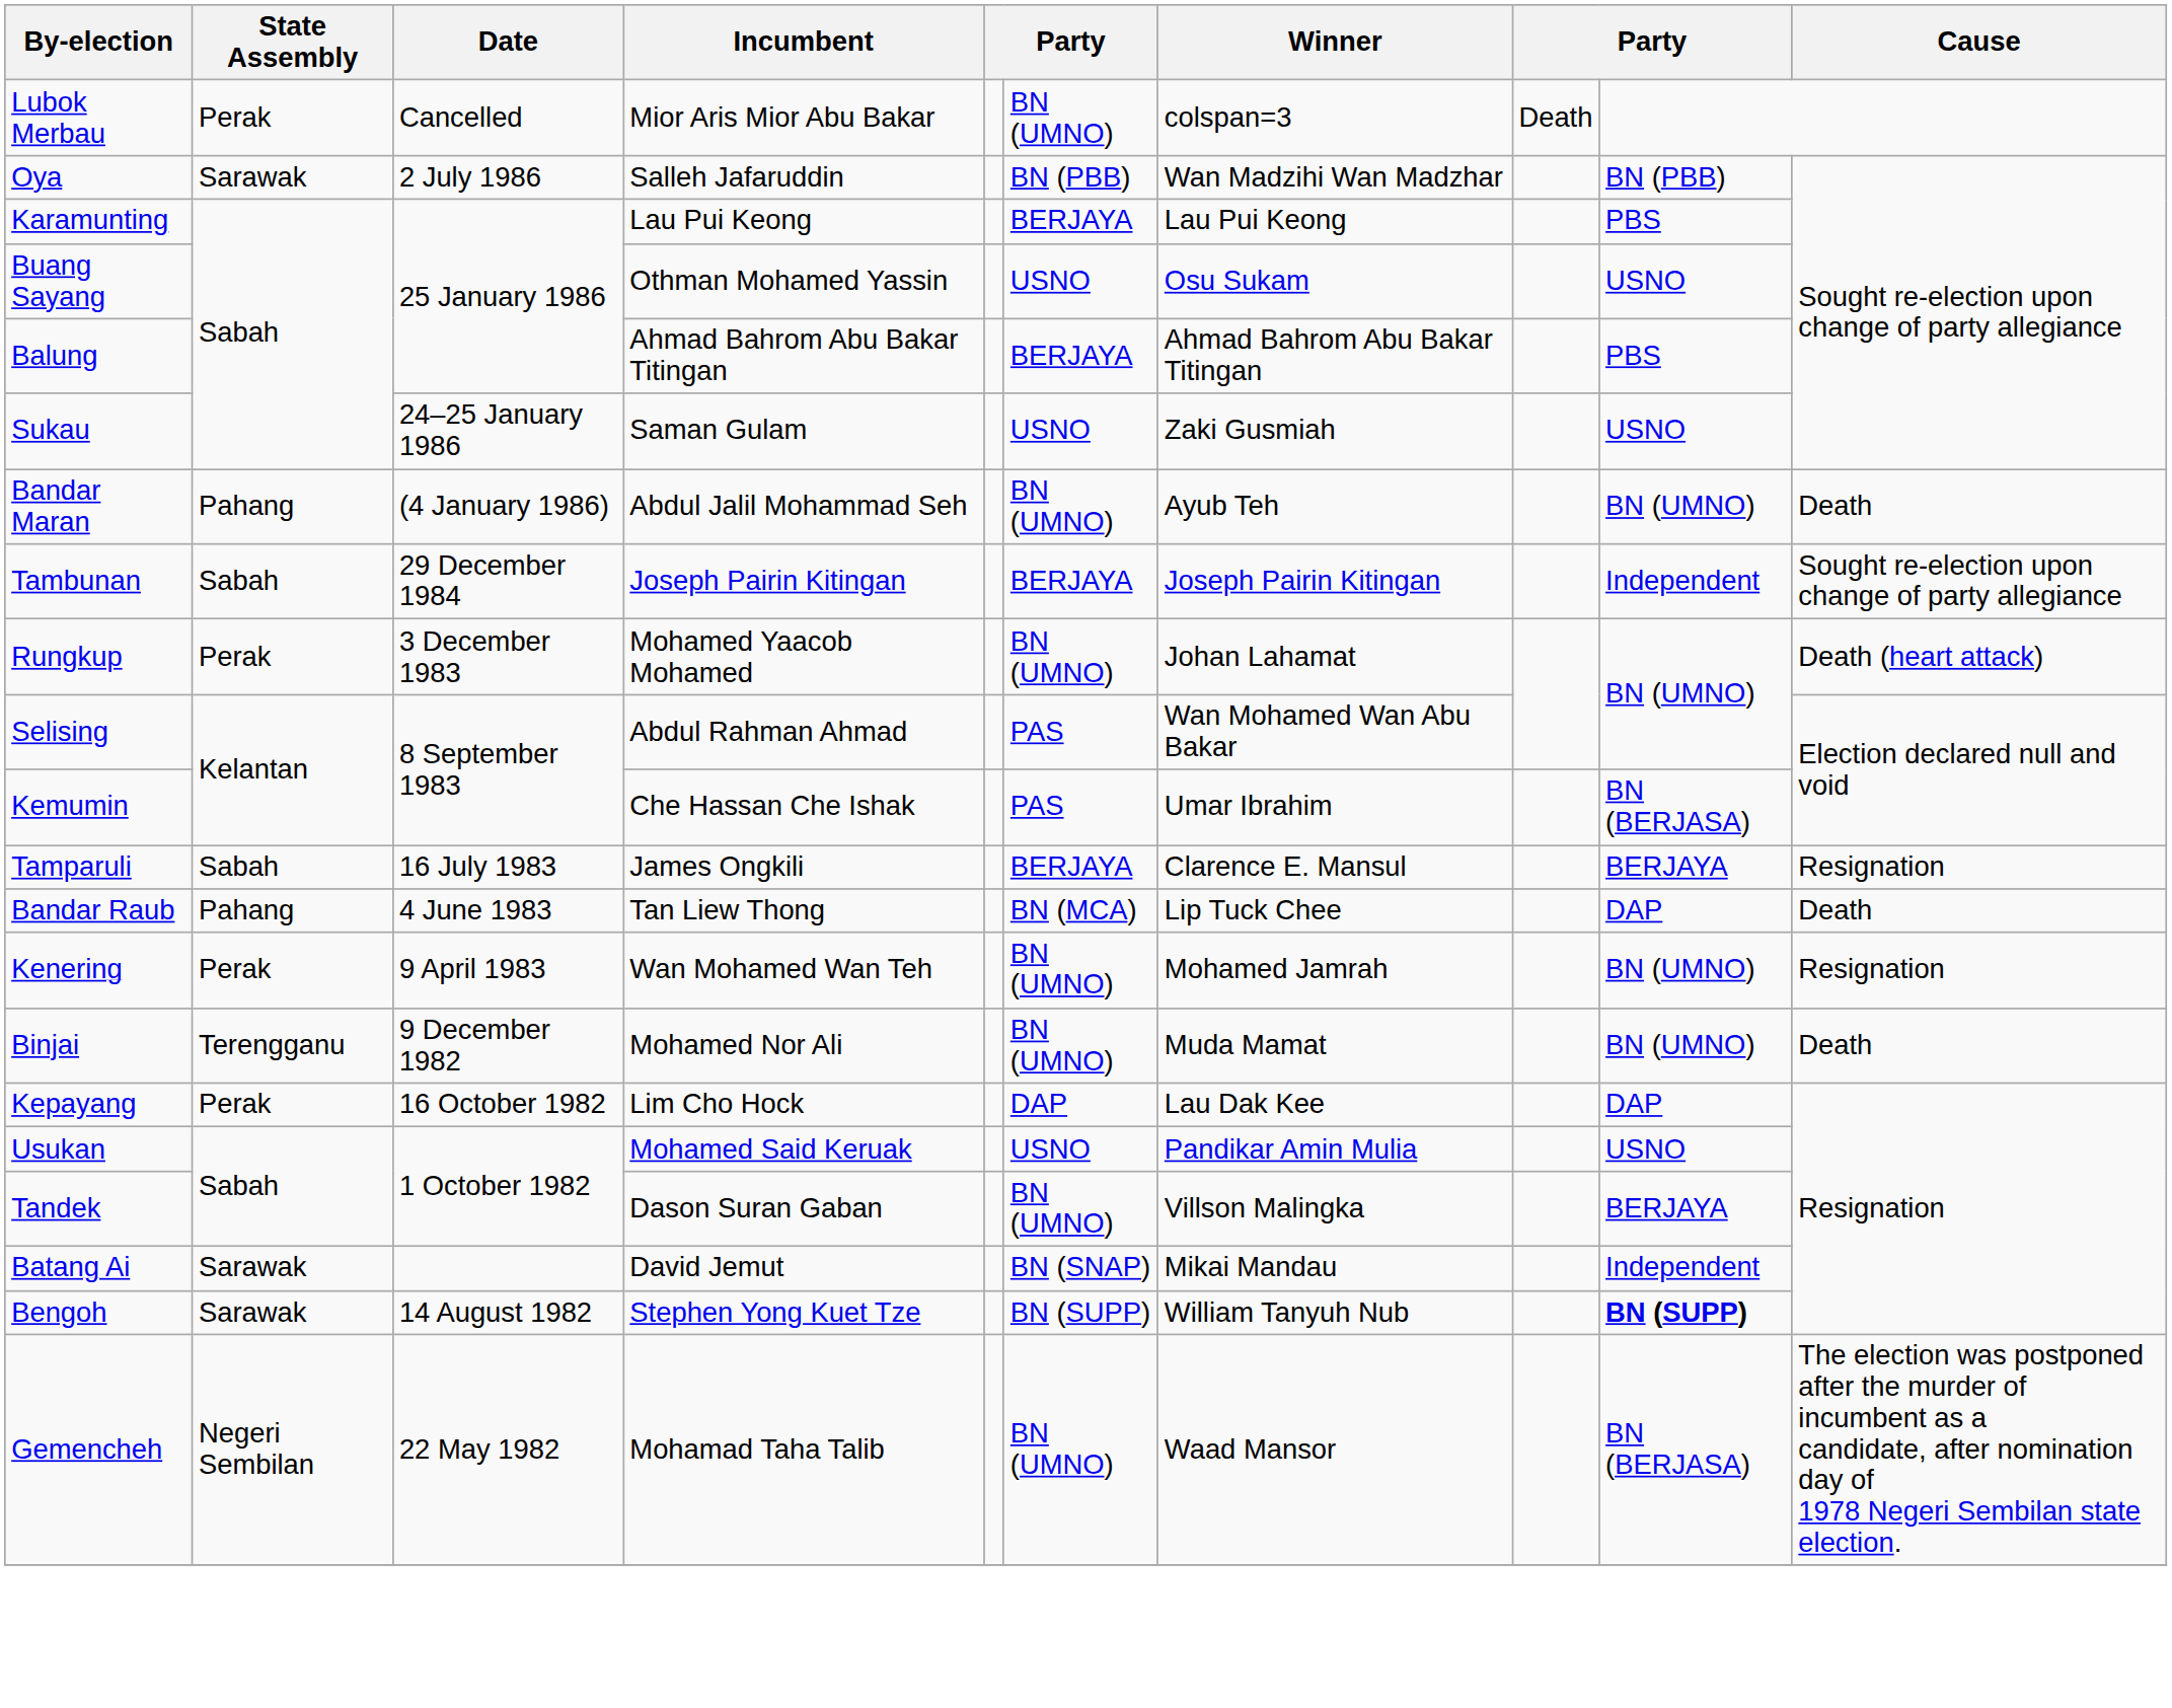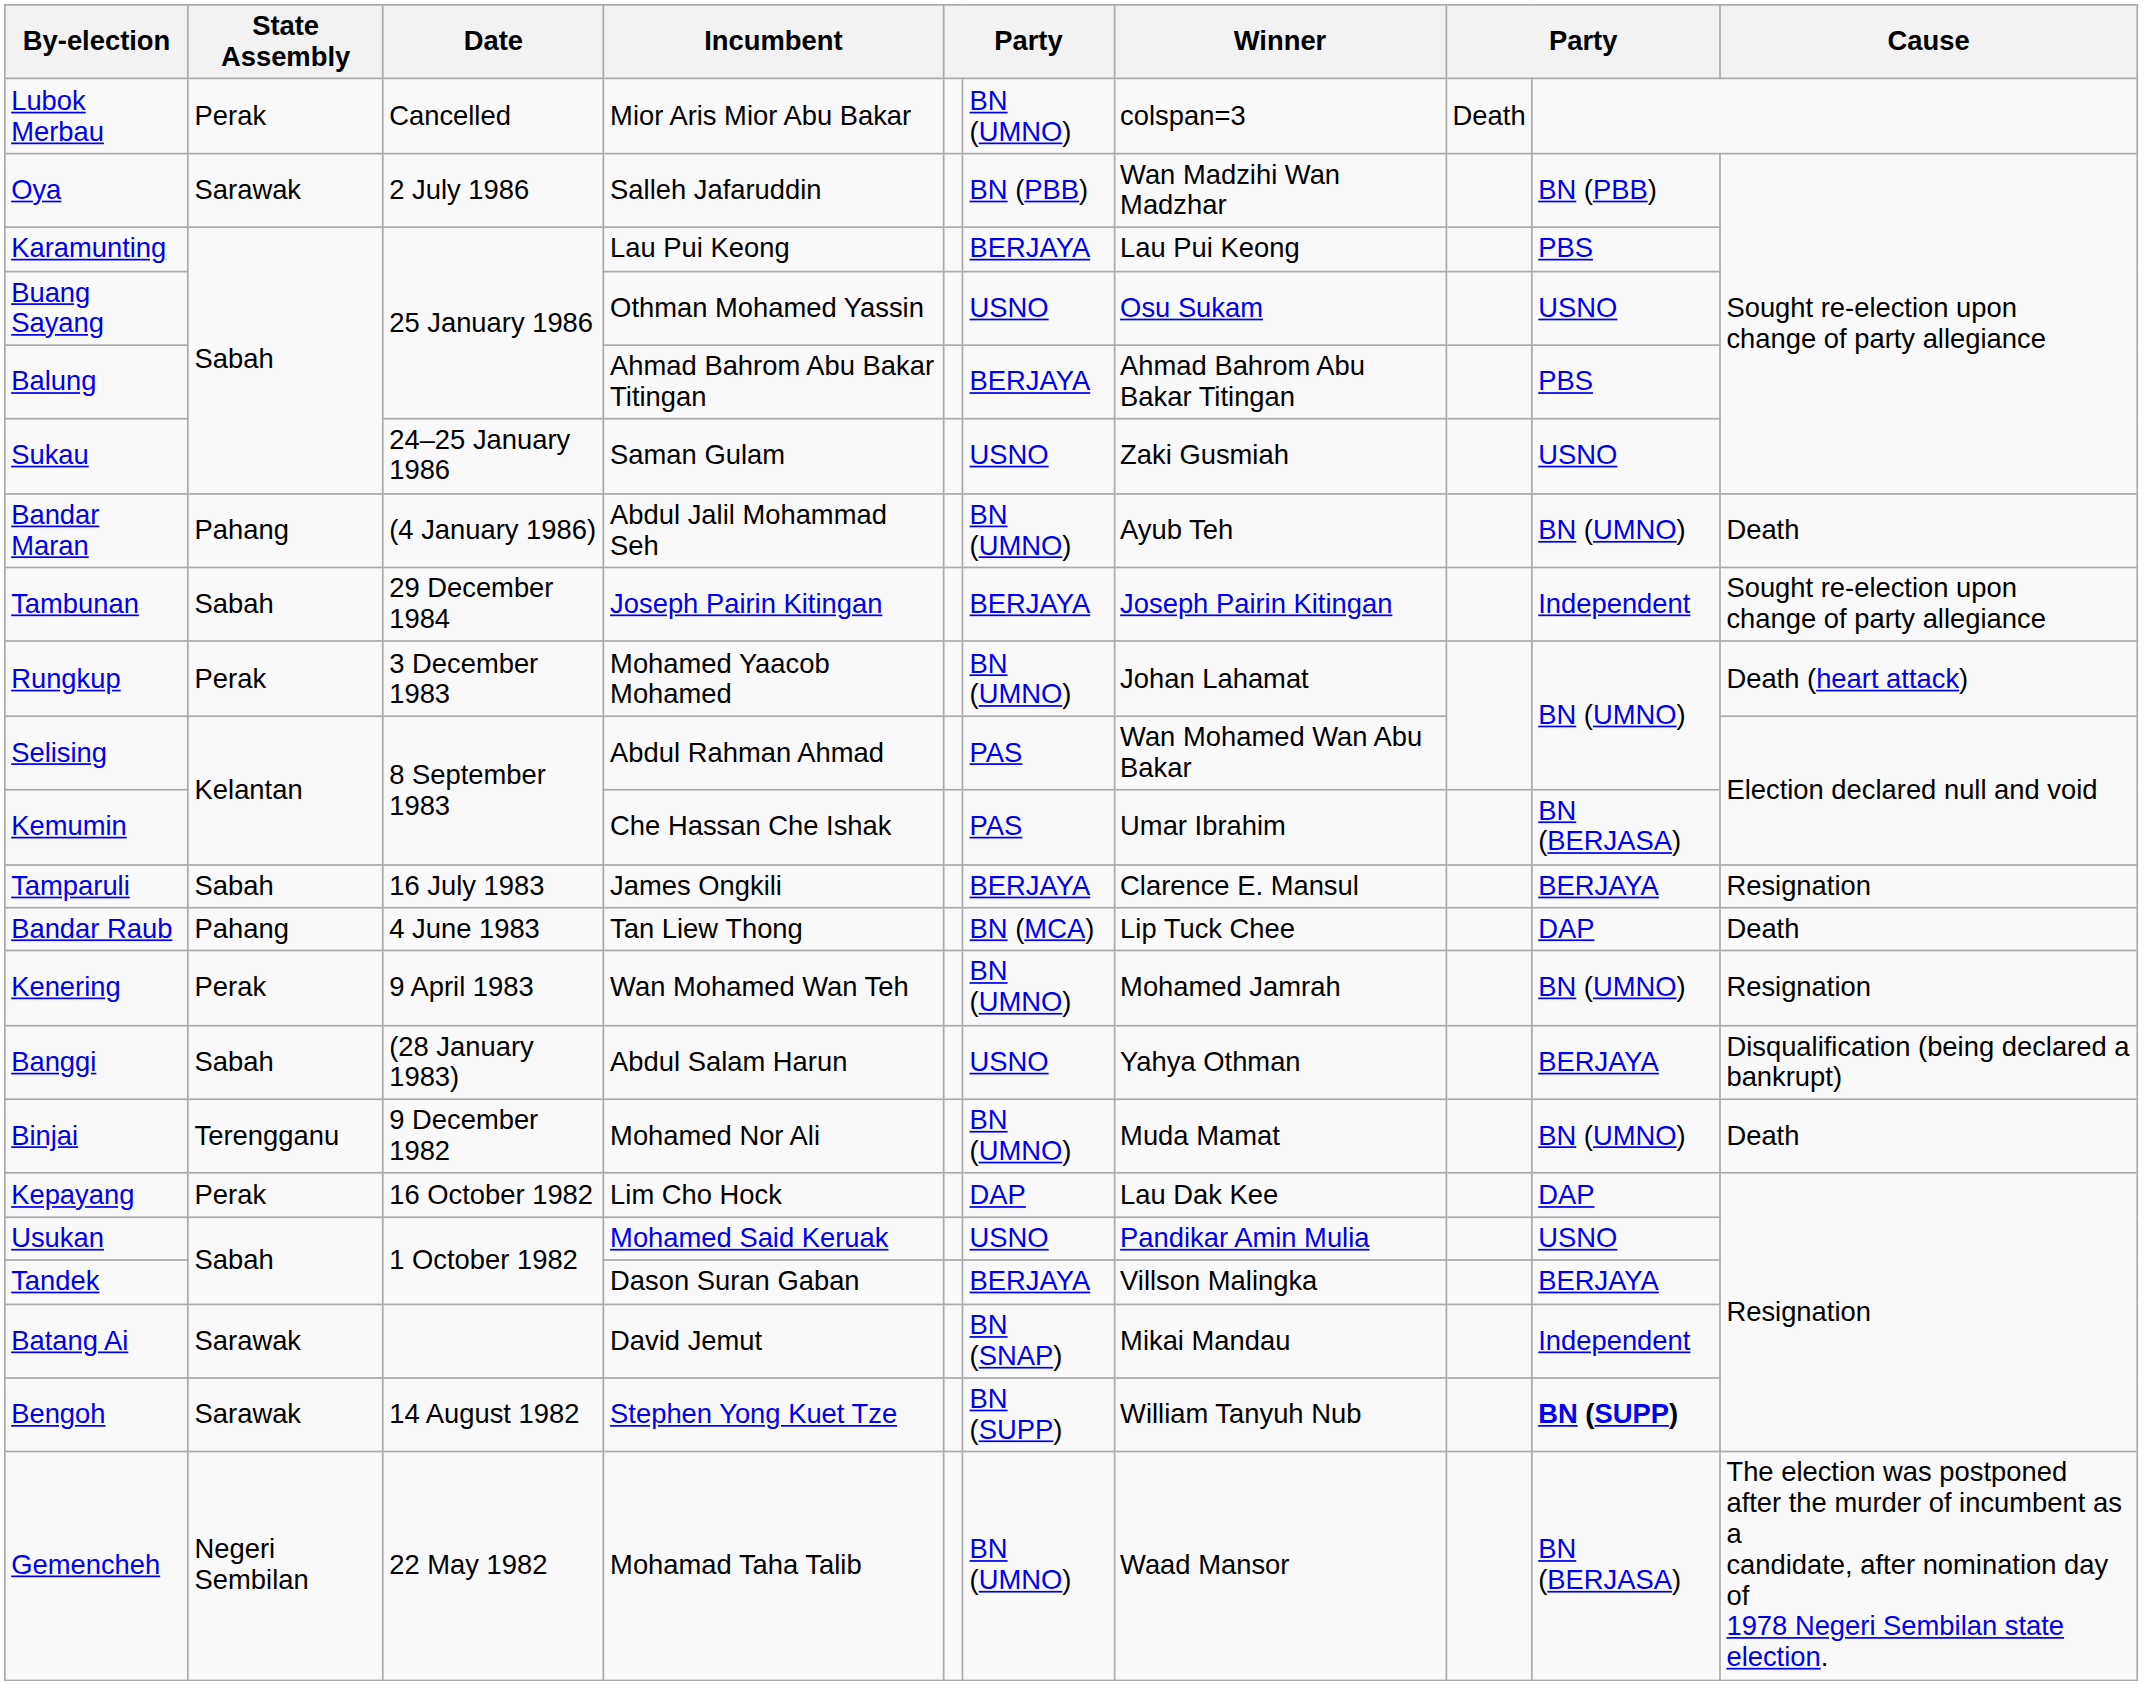 <table class="wikitable">
 <tr>
 <th>By-election</th>
 <th>State Assembly</th>
 <th>Date</th>
 <th>Incumbent</th>
 <th colspan=2>Party</th>
 <th>Winner</th>
 <th colspan=2>Party</th>
 <th>Cause</th>
 </tr>
 <tr>
 <td><a href='#'>Lubok Merbau</a></td>
 <td>Perak</td>
 <td>Cancelled</td>
 <td>Mior Aris Mior Abu Bakar</td>
 <td> </td>
 <td><a href='#'>BN</a> (<a href='#'>UMNO</a>)</td>
 <td>colspan=3 </td>
 <td>Death</td>
 </tr>
 <tr>
 <td><a href='#'>Oya</a></td>
 <td>Sarawak</td>
 <td>2 July 1986</td>
 <td>Salleh Jafaruddin</td>
 <td> </td>
 <td><a href='#'>BN</a> (<a href='#'>PBB</a>)</td>
 <td>Wan Madzihi Wan Madzhar</td>
 <td> </td>
 <td><a href='#'>BN</a> (<a href='#'>PBB</a>)</td>
 <td rowspan="5">Sought re-election upon<br> change of party allegiance</td>
 </tr>
 <tr>
 <td><a href='#'>Karamunting</a></td>
 <td rowspan="4">Sabah</td>
 <td rowspan="3">25 January 1986</td>
 <td>Lau Pui Keong</td>
 <td></td>
 <td><a href='#'>BERJAYA</a></td>
 <td>Lau Pui Keong</td>
 <td></td>
 <td><a href='#'>PBS</a></td>
 </tr>
 <tr>
 <td><a href='#'>Buang Sayang</a></td>
 <td>Othman Mohamed Yassin</td>
 <td></td>
 <td><a href='#'>USNO</a></td>
 <td><a href='#'>Osu Sukam</a></td>
 <td></td>
 <td><a href='#'>USNO</a></td>
 </tr>
 <tr>
 <td><a href='#'>Balung</a></td>
 <td>Ahmad Bahrom Abu Bakar Titingan</td>
 <td></td>
 <td><a href='#'>BERJAYA</a></td>
 <td>Ahmad Bahrom Abu Bakar Titingan</td>
 <td></td>
 <td><a href='#'>PBS</a></td>
 </tr>
 <tr>
 <td><a href='#'>Sukau</a></td>
 <td>24–25 January 1986</td>
 <td>Saman Gulam</td>
 <td></td>
 <td><a href='#'>USNO</a></td>
 <td>Zaki Gusmiah</td>
 <td></td>
 <td><a href='#'>USNO</a></td>
 </tr>
 <tr>
 <td><a href='#'>Bandar Maran</a></td>
 <td>Pahang</td>
 <td>(4 January 1986)</td>
 <td>Abdul Jalil Mohammad Seh</td>
 <td> </td>
 <td><a href='#'>BN</a> (<a href='#'>UMNO</a>)</td>
 <td>Ayub Teh</td>
 <td> </td>
 <td><a href='#'>BN</a> (<a href='#'>UMNO</a>)</td>
 <td>Death</td>
 </tr>
 <tr>
 <td><a href='#'>Tambunan</a></td>
 <td>Sabah</td>
 <td>29 December 1984</td>
 <td><a href='#'>Joseph Pairin Kitingan</a></td>
 <td></td>
 <td><a href='#'>BERJAYA</a></td>
 <td><a href='#'>Joseph Pairin Kitingan</a></td>
 <td> </td>
 <td><a href='#'>Independent</a></td>
 <td>Sought re-election upon<br> change of party allegiance</td>
 </tr>
 <tr>
 <td><a href='#'>Rungkup</a></td>
 <td>Perak</td>
 <td>3 December 1983</td>
 <td>Mohamed Yaacob Mohamed</td>
 <td> </td>
 <td><a href='#'>BN</a> (<a href='#'>UMNO</a>)</td>
 <td>Johan Lahamat</td>
 <td rowspan="2" > </td>
 <td rowspan="2"><a href='#'>BN</a> (<a href='#'>UMNO</a>)</td>
 <td>Death (<a href='#'>heart attack</a>)</td>
 </tr>
 <tr>
 <td><a href='#'>Selising</a></td>
 <td rowspan="2">Kelantan</td>
 <td rowspan="2">8 September 1983</td>
 <td>Abdul Rahman Ahmad</td>
 <td> </td>
 <td><a href='#'>PAS</a></td>
 <td>Wan Mohamed Wan Abu Bakar</td>
 <td rowspan="2">Election declared null and void</td>
 </tr>
 <tr>
 <td><a href='#'>Kemumin</a></td>
 <td>Che Hassan Che Ishak</td>
 <td> </td>
 <td><a href='#'>PAS</a></td>
 <td>Umar Ibrahim</td>
 <td> </td>
 <td><a href='#'>BN</a> (<a href='#'>BERJASA</a>)</td>
 </tr>
 <tr>
 <td><a href='#'>Tamparuli</a></td>
 <td>Sabah</td>
 <td>16 July 1983</td>
 <td>James Ongkili</td>
 <td></td>
 <td><a href='#'>BERJAYA</a></td>
 <td>Clarence E. Mansul</td>
 <td></td>
 <td><a href='#'>BERJAYA</a></td>
 <td>Resignation</td>
 </tr>
 <tr>
 <td><a href='#'>Bandar Raub</a></td>
 <td>Pahang</td>
 <td>4 June 1983</td>
 <td>Tan Liew Thong</td>
 <td> </td>
 <td><a href='#'>BN</a> (<a href='#'>MCA</a>)</td>
 <td>Lip Tuck Chee</td>
 <td> </td>
 <td><a href='#'>DAP</a></td>
 <td>Death</td>
 </tr>
 <tr>
 <td><a href='#'>Kenering</a></td>
 <td>Perak</td>
 <td>9 April 1983</td>
 <td>Wan Mohamed Wan Teh</td>
 <td> </td>
 <td><a href='#'>BN</a> (<a href='#'>UMNO</a>)</td>
 <td>Mohamed Jamrah</td>
 <td> </td>
 <td><a href='#'>BN</a> (<a href='#'>UMNO</a>)</td>
 <td>Resignation</td>
 </tr>
 <tr>
+<td><a href='#'>Banggi</a></td>
+<td>Sabah</td>
+<td>(28 January 1983)</td>
+<td>Abdul Salam Harun</td>
+<td></td>
+<td><a href='#'>USNO</a></td>
+<td>Yahya Othman</td>
+<td></td>
+<td><a href='#'>BERJAYA</a></td>
+<td>Disqualification (being declared a bankrupt)</td>
+</tr>
+<tr>
 <td><a href='#'>Binjai</a></td>
 <td>Terengganu</td>
 <td>9 December 1982</td>
 <td>Mohamed Nor Ali</td>
 <td> </td>
 <td><a href='#'>BN</a> (<a href='#'>UMNO</a>)</td>
 <td>Muda Mamat</td>
 <td> </td>
 <td><a href='#'>BN</a> (<a href='#'>UMNO</a>)</td>
 <td>Death</td>
 </tr>
 <tr>
 <td><a href='#'>Kepayang</a></td>
 <td>Perak</td>
 <td>16 October 1982</td>
 <td>Lim Cho Hock</td>
 <td> </td>
 <td><a href='#'>DAP</a></td>
 <td>Lau Dak Kee</td>
 <td> </td>
 <td><a href='#'>DAP</a></td>
 <td rowspan="5">Resignation</td>
 </tr>
 <tr>
 <td><a href='#'>Usukan</a></td>
 <td rowspan="2">Sabah</td>
 <td rowspan="2">1 October 1982</td>
 <td><a href='#'>Mohamed Said Keruak</a></td>
 <td></td>
 <td><a href='#'>USNO</a></td>
 <td><a href='#'>Pandikar Amin Mulia</a></td>
 <td></td>
 <td><a href='#'>USNO</a></td>
 </tr>
 <tr>
 <td><a href='#'>Tandek</a></td>
 <td>Dason Suran Gaban</td>
 <td></td>
-<td><a href='#'>BN</a> (<a href='#'>UMNO</a>)</td>
+<td><a href='#'>BERJAYA</a></td>
 <td>Villson Malingka</td>
 <td></td>
 <td><a href='#'>BERJAYA</a></td>
 </tr>
 <tr>
 <td><a href='#'>Batang Ai</a></td>
 <td>Sarawak</td>
 <td></td>
 <td>David Jemut</td>
 <td> </td>
 <td><a href='#'>BN</a> (<a href='#'>SNAP</a>)</td>
 <td>Mikai Mandau</td>
 <td> </td>
 <td><a href='#'>Independent</a></td>
 </tr>
 <tr>
 <td><a href='#'>Bengoh</a></td>
 <td>Sarawak</td>
 <td>14 August 1982</td>
 <td><a href='#'>Stephen Yong Kuet Tze</a></td>
 <td> </td>
 <td><a href='#'>BN</a> (<a href='#'>SUPP</a>)</td>
 <td>William Tanyuh Nub</td>
 <td> </td>
 <td><strong><a href='#'>BN</a> (<a href='#'>SUPP</a>)</strong></td>
 </tr>
 <tr>
 <td><a href='#'>Gemencheh</a></td>
 <td>Negeri Sembilan</td>
 <td>22 May 1982</td>
 <td>Mohamad Taha Talib</td>
 <td> </td>
 <td><a href='#'>BN</a> (<a href='#'>UMNO</a>)</td>
 <td>Waad Mansor</td>
 <td> </td>
 <td><a href='#'>BN</a> (<a href='#'>BERJASA</a>)</td>
 <td>The election was postponed<br> after the murder of incumbent as a<br> candidate, after nomination day of<br> <a href='#'>1978 Negeri Sembilan state election</a>.</td>
 </tr>
 <tr>
 </tr>
 </table>
